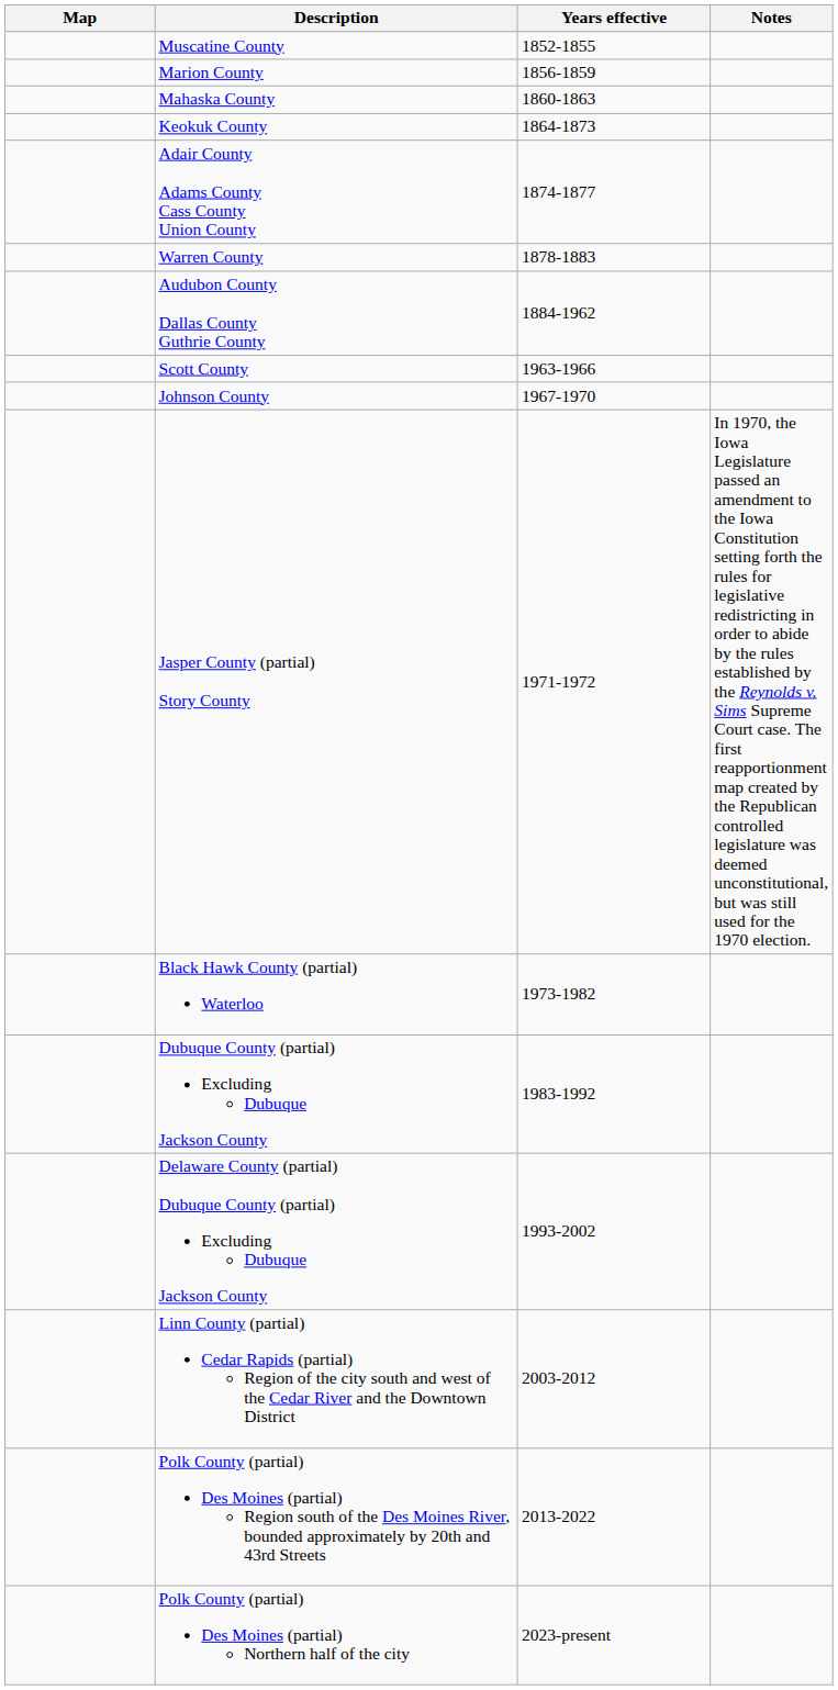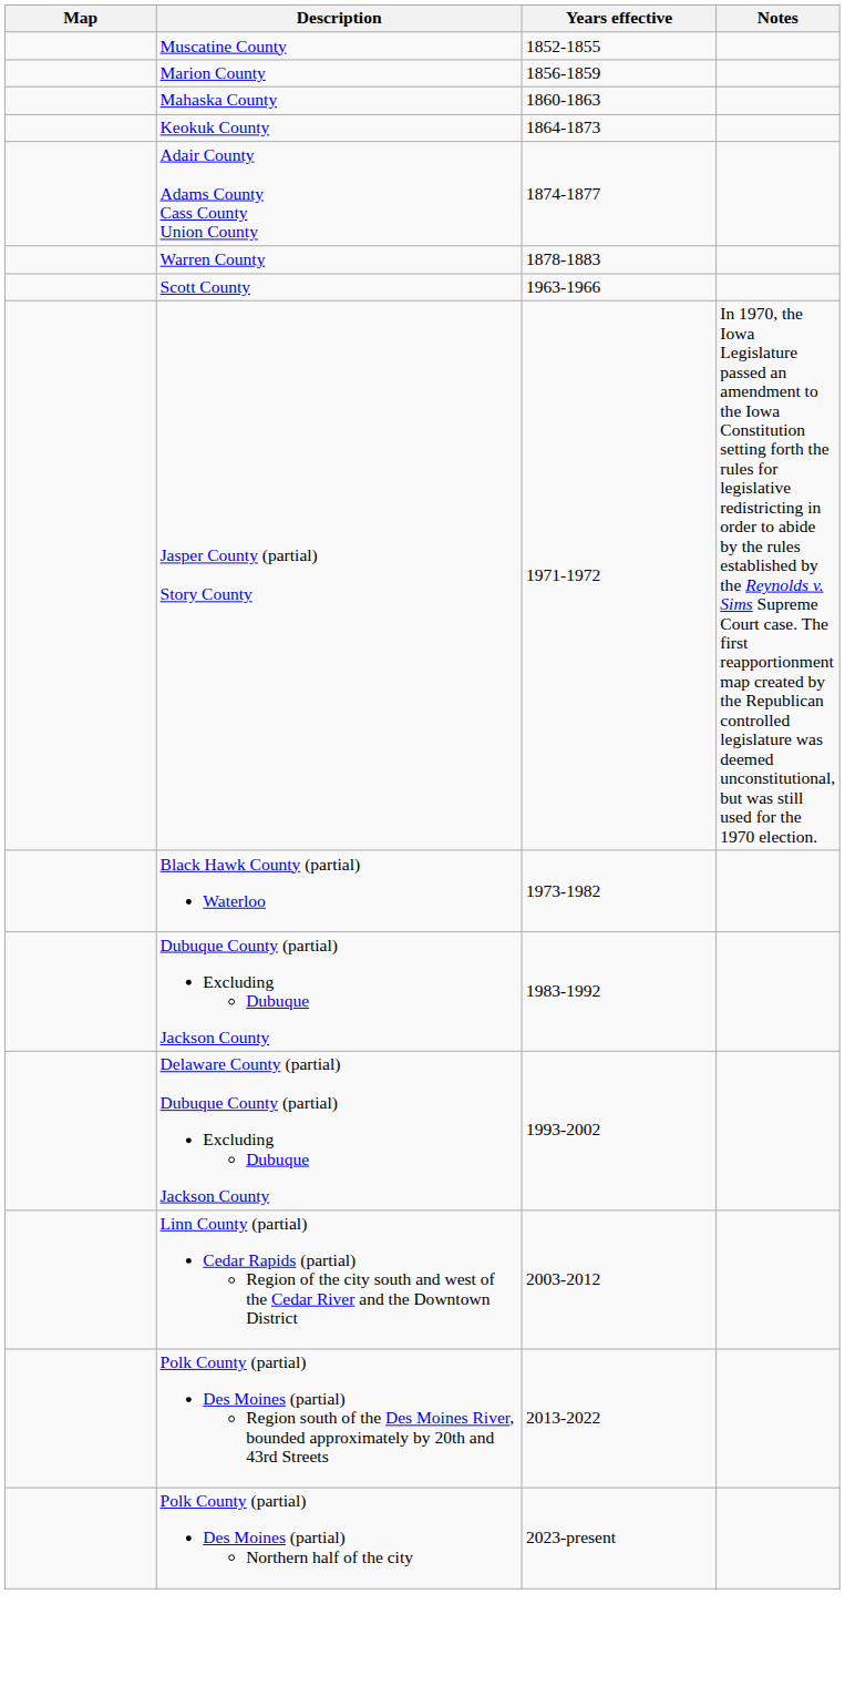 <table class="wikitable sortable">
 <tr>
 <th style="width:100pt;">Map</th>
 <th style="width:250pt;">Description</th>
 <th style="width:130pt;">Years effective</th>
 <th style="width:15pt;">Notes</th>
 </tr>
 <tr>
 <td></td>
 <td><a href='#'>Muscatine County</a></td>
 <td>1852-1855</td>
 <td></td>
 </tr>
 <tr>
 <td></td>
 <td><a href='#'>Marion County</a></td>
 <td>1856-1859</td>
 <td></td>
 </tr>
 <tr>
 <td></td>
 <td><a href='#'>Mahaska County</a></td>
 <td>1860-1863</td>
 <td></td>
 </tr>
 <tr>
 <td></td>
 <td><a href='#'>Keokuk County</a></td>
 <td>1864-1873</td>
 <td></td>
 </tr>
 <tr>
 <td></td>
 <td><a href='#'>Adair County</a><br><br><a href='#'>Adams County</a><br> <a href='#'>Cass County</a><br> <a href='#'>Union County</a></td>
 <td>1874-1877</td>
 <td></td>
 </tr>
 <tr>
 <td></td>
 <td><a href='#'>Warren County</a></td>
 <td>1878-1883</td>
 <td></td>
 </tr>
 <tr>
 <td></td>
-<td><a href='#'>Audubon County</a><br><br><a href='#'>Dallas County</a><br> <a href='#'>Guthrie County</a></td>
-<td>1884-1962</td>
-<td></td>
-</tr>
-<tr>
-<td></td>
 <td><a href='#'>Scott County</a></td>
 <td>1963-1966</td>
-<td></td>
-</tr>
-<tr>
-<td></td>
-<td><a href='#'>Johnson County</a></td>
-<td>1967-1970</td>
 <td></td>
 </tr>
 <tr>
 <td></td>
 <td><a href='#'>Jasper County</a> (partial)<br><br><a href='#'>Story County</a></td>
 <td>1971-1972</td>
 <td>In 1970, the Iowa Legislature passed an amendment to the Iowa Constitution setting forth the rules for legislative redistricting in order to abide by the rules established by the <em><a href='#'>Reynolds v. Sims</a></em> Supreme Court case. The first reapportionment map created by the Republican controlled legislature was deemed unconstitutional, but was still used for the 1970 election.</td>
 </tr>
 <tr>
 <td></td>
 <td><a href='#'>Black Hawk County</a> (partial)<br><ul><li><a href='#'>Waterloo</a></li></ul></td>
 <td>1973-1982</td>
 <td></td>
 </tr>
 <tr>
 <td></td>
 <td><a href='#'>Dubuque County</a> (partial)<br><ul><li>Excluding<ul><li><a href='#'>Dubuque</a></li></ul></li></ul><a href='#'>Jackson County</a></td>
 <td>1983-1992</td>
 <td></td>
 </tr>
 <tr>
 <td></td>
 <td><a href='#'>Delaware County</a> (partial)<br><br><a href='#'>Dubuque County</a> (partial)<ul><li>Excluding<ul><li><a href='#'>Dubuque</a></li></ul></li></ul><a href='#'>Jackson County</a></td>
 <td>1993-2002</td>
 <td></td>
 </tr>
 <tr>
 <td></td>
 <td><a href='#'>Linn County</a> (partial)<br><ul><li><a href='#'>Cedar Rapids</a> (partial)<ul><li>Region of the city south and west of the <a href='#'>Cedar River</a> and the Downtown District</li></ul></li></ul></td>
 <td>2003-2012</td>
 <td></td>
 </tr>
 <tr>
 <td></td>
 <td><a href='#'>Polk County</a> (partial)<br><ul><li><a href='#'>Des Moines</a> (partial)<ul><li>Region south of the <a href='#'>Des Moines River</a>, bounded approximately by 20th and 43rd Streets</li></ul></li></ul></td>
 <td>2013-2022</td>
 <td></td>
 </tr>
 <tr>
 <td></td>
 <td><a href='#'>Polk County</a> (partial)<br><ul><li><a href='#'>Des Moines</a> (partial)<ul><li>Northern half of the city</li></ul></li></ul></td>
 <td>2023-present</td>
 <td></td>
 </tr>
 </table>
